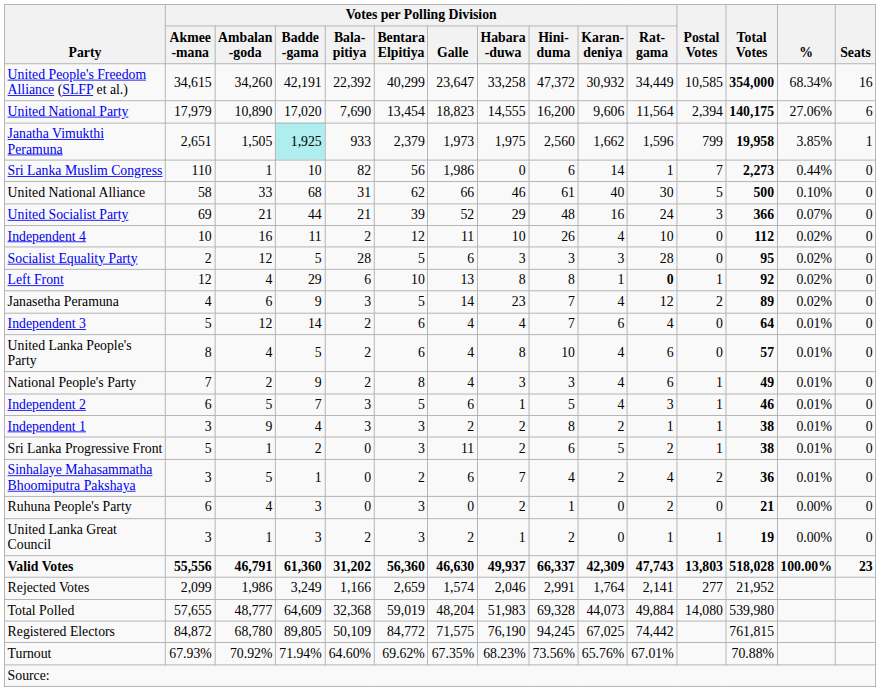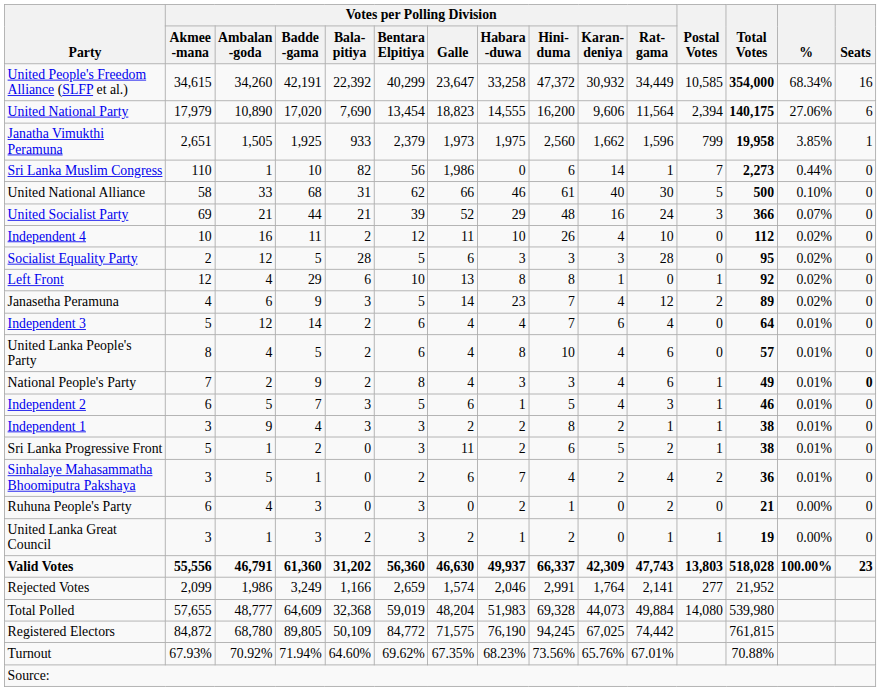 <table class="wikitable" border="1" style="text-align:right;">
 <tr>
 <th rowspan="2" align="left" valign="bottom" width="180">Party</th>
 <th colspan="10">Votes per Polling Division</th>
 <th rowspan="2" align="center" valign="bottom" width="50">Postal<br>Votes</th>
 <th rowspan="2" align="center" valign="bottom" width="50">Total Votes</th>
 <th rowspan="2" align="center" valign="bottom" width="50">%</th>
 <th rowspan="2" align="center" valign="bottom" width="40">Seats</th>
 </tr>
 <tr>
 <th align="center" valign="bottom" width="50">Akmee<br>-mana</th>
 <th align="center" valign="bottom" width="50">Ambalan<br>-goda</th>
 <th align="center" valign="bottom" width="50">Badde<br>-gama</th>
 <th align="center" valign="bottom" width="50">Bala-<br>pitiya</th>
 <th align="center" valign="bottom" width="50">Bentara<br>Elpitiya</th>
 <th align="center" valign="bottom" width="50">Galle</th>
 <th align="center" valign="bottom" width="50">Habara<br>-duwa</th>
 <th align="center" valign="bottom" width="50">Hini-<br>duma</th>
 <th align="center" valign="bottom" width="50">Karan-<br>deniya</th>
 <th align="center" valign="bottom" width="50">Rat-<br>gama</th>
 </tr>
 <tr>
 <td align="left"><a href='#'>United People's Freedom Alliance</a> (<a href='#'>SLFP</a> et al.)</td>
 <td>34,615</td>
 <td>34,260</td>
 <td>42,191</td>
 <td>22,392</td>
 <td>40,299</td>
 <td>23,647</td>
 <td>33,258</td>
 <td>47,372</td>
 <td>30,932</td>
 <td>34,449</td>
 <td>10,585</td>
 <td><strong>354,000</strong></td>
 <td>68.34%</td>
 <td>16</td>
 </tr>
 <tr>
 <td align="left"><a href='#'>United National Party</a></td>
 <td>17,979</td>
 <td>10,890</td>
 <td>17,020</td>
 <td>7,690</td>
 <td>13,454</td>
 <td>18,823</td>
 <td>14,555</td>
 <td>16,200</td>
 <td>9,606</td>
 <td>11,564</td>
 <td>2,394</td>
 <td><strong>140,175</strong></td>
 <td>27.06%</td>
 <td>6</td>
 </tr>
 <tr>
 <td align="left"><a href='#'>Janatha Vimukthi Peramuna</a></td>
 <td>2,651</td>
 <td>1,505</td>
-<td style="background: paleturquoise;">1,925</td>
+<td>1,925</td>
 <td>933</td>
 <td>2,379</td>
 <td>1,973</td>
 <td>1,975</td>
 <td>2,560</td>
 <td>1,662</td>
 <td>1,596</td>
 <td>799</td>
 <td><strong>19,958</strong></td>
 <td>3.85%</td>
 <td>1</td>
 </tr>
 <tr>
 <td align="left"><a href='#'>Sri Lanka Muslim Congress</a></td>
 <td>110</td>
 <td>1</td>
 <td>10</td>
 <td>82</td>
 <td>56</td>
 <td>1,986</td>
 <td>0</td>
 <td>6</td>
 <td>14</td>
 <td>1</td>
 <td>7</td>
 <td><strong>2,273</strong></td>
 <td>0.44%</td>
 <td>0</td>
 </tr>
 <tr>
 <td align="left">United National Alliance</td>
 <td>58</td>
 <td>33</td>
 <td>68</td>
 <td>31</td>
 <td>62</td>
 <td>66</td>
 <td>46</td>
 <td>61</td>
 <td>40</td>
 <td>30</td>
 <td>5</td>
 <td><strong>500</strong></td>
 <td>0.10%</td>
 <td>0</td>
 </tr>
 <tr>
 <td align="left"><a href='#'>United Socialist Party</a></td>
 <td>69</td>
 <td>21</td>
 <td>44</td>
 <td>21</td>
 <td>39</td>
 <td>52</td>
 <td>29</td>
 <td>48</td>
 <td>16</td>
 <td>24</td>
 <td>3</td>
 <td><strong>366</strong></td>
 <td>0.07%</td>
 <td>0</td>
 </tr>
 <tr>
 <td align="left"><a href='#'>Independent 4</a></td>
 <td>10</td>
 <td>16</td>
 <td>11</td>
 <td>2</td>
 <td>12</td>
 <td>11</td>
 <td>10</td>
 <td>26</td>
 <td>4</td>
 <td>10</td>
 <td>0</td>
 <td><strong>112</strong></td>
 <td>0.02%</td>
 <td>0</td>
 </tr>
 <tr>
 <td align="left"><a href='#'>Socialist Equality Party</a></td>
 <td>2</td>
 <td>12</td>
 <td>5</td>
 <td>28</td>
 <td>5</td>
 <td>6</td>
 <td>3</td>
 <td>3</td>
 <td>3</td>
 <td>28</td>
 <td>0</td>
 <td><strong>95</strong></td>
 <td>0.02%</td>
 <td>0</td>
 </tr>
 <tr>
 <td align="left"><a href='#'>Left Front</a></td>
 <td>12</td>
 <td>4</td>
 <td>29</td>
 <td>6</td>
 <td>10</td>
 <td>13</td>
 <td>8</td>
 <td>8</td>
 <td>1</td>
-<td><strong>0</strong></td>
+<td>0</td>
 <td>1</td>
 <td><strong>92</strong></td>
 <td>0.02%</td>
 <td>0</td>
 </tr>
 <tr>
 <td align="left">Janasetha Peramuna</td>
 <td>4</td>
 <td>6</td>
 <td>9</td>
 <td>3</td>
 <td>5</td>
 <td>14</td>
 <td>23</td>
 <td>7</td>
 <td>4</td>
 <td>12</td>
 <td>2</td>
 <td><strong>89</strong></td>
 <td>0.02%</td>
 <td>0</td>
 </tr>
 <tr>
 <td align="left"><a href='#'>Independent 3</a></td>
 <td>5</td>
 <td>12</td>
 <td>14</td>
 <td>2</td>
 <td>6</td>
 <td>4</td>
 <td>4</td>
 <td>7</td>
 <td>6</td>
 <td>4</td>
 <td>0</td>
 <td><strong>64</strong></td>
 <td>0.01%</td>
 <td>0</td>
 </tr>
 <tr>
 <td align="left">United Lanka People's Party</td>
 <td>8</td>
 <td>4</td>
 <td>5</td>
 <td>2</td>
 <td>6</td>
 <td>4</td>
 <td>8</td>
 <td>10</td>
 <td>4</td>
 <td>6</td>
 <td>0</td>
 <td><strong>57</strong></td>
 <td>0.01%</td>
 <td>0</td>
 </tr>
 <tr>
 <td align="left">National People's Party</td>
 <td>7</td>
 <td>2</td>
 <td>9</td>
 <td>2</td>
 <td>8</td>
 <td>4</td>
 <td>3</td>
 <td>3</td>
 <td>4</td>
 <td>6</td>
 <td>1</td>
 <td><strong>49</strong></td>
 <td>0.01%</td>
-<td>0</td>
+<td><strong>0</strong></td>
 </tr>
 <tr>
 <td align="left"><a href='#'>Independent 2</a></td>
 <td>6</td>
 <td>5</td>
 <td>7</td>
 <td>3</td>
 <td>5</td>
 <td>6</td>
 <td>1</td>
 <td>5</td>
 <td>4</td>
 <td>3</td>
 <td>1</td>
 <td><strong>46</strong></td>
 <td>0.01%</td>
 <td>0</td>
 </tr>
 <tr>
 <td align="left"><a href='#'>Independent 1</a></td>
 <td>3</td>
 <td>9</td>
 <td>4</td>
 <td>3</td>
 <td>3</td>
 <td>2</td>
 <td>2</td>
 <td>8</td>
 <td>2</td>
 <td>1</td>
 <td>1</td>
 <td><strong>38</strong></td>
 <td>0.01%</td>
 <td>0</td>
 </tr>
 <tr>
 <td align="left">Sri Lanka Progressive Front</td>
 <td>5</td>
 <td>1</td>
 <td>2</td>
 <td>0</td>
 <td>3</td>
 <td>11</td>
 <td>2</td>
 <td>6</td>
 <td>5</td>
 <td>2</td>
 <td>1</td>
 <td><strong>38</strong></td>
 <td>0.01%</td>
 <td>0</td>
 </tr>
 <tr>
 <td align="left"><a href='#'>Sinhalaye Mahasammatha Bhoomiputra Pakshaya</a></td>
 <td>3</td>
 <td>5</td>
 <td>1</td>
 <td>0</td>
 <td>2</td>
 <td>6</td>
 <td>7</td>
 <td>4</td>
 <td>2</td>
 <td>4</td>
 <td>2</td>
 <td><strong>36</strong></td>
 <td>0.01%</td>
 <td>0</td>
 </tr>
 <tr>
 <td align="left">Ruhuna People's Party</td>
 <td>6</td>
 <td>4</td>
 <td>3</td>
 <td>0</td>
 <td>3</td>
 <td>0</td>
 <td>2</td>
 <td>1</td>
 <td>0</td>
 <td>2</td>
 <td>0</td>
 <td><strong>21</strong></td>
 <td>0.00%</td>
 <td>0</td>
 </tr>
 <tr>
 <td align="left">United Lanka Great Council</td>
 <td>3</td>
 <td>1</td>
 <td>3</td>
 <td>2</td>
 <td>3</td>
 <td>2</td>
 <td>1</td>
 <td>2</td>
 <td>0</td>
 <td>1</td>
 <td>1</td>
 <td><strong>19</strong></td>
 <td>0.00%</td>
 <td>0</td>
 </tr>
 <tr>
 <td align="left"><strong>Valid Votes</strong></td>
 <td><strong>55,556</strong></td>
 <td><strong>46,791</strong></td>
 <td><strong>61,360</strong></td>
 <td><strong>31,202</strong></td>
 <td><strong>56,360</strong></td>
 <td><strong>46,630</strong></td>
 <td><strong>49,937</strong></td>
 <td><strong>66,337</strong></td>
 <td><strong>42,309</strong></td>
 <td><strong>47,743</strong></td>
 <td><strong>13,803</strong></td>
 <td><strong>518,028</strong></td>
 <td><strong>100.00%</strong></td>
 <td><strong>23</strong></td>
 </tr>
 <tr>
 <td align="left">Rejected Votes</td>
 <td>2,099</td>
 <td>1,986</td>
 <td>3,249</td>
 <td>1,166</td>
 <td>2,659</td>
 <td>1,574</td>
 <td>2,046</td>
 <td>2,991</td>
 <td>1,764</td>
 <td>2,141</td>
 <td>277</td>
 <td>21,952</td>
 <td></td>
 <td></td>
 </tr>
 <tr>
 <td align="left">Total Polled</td>
 <td>57,655</td>
 <td>48,777</td>
 <td>64,609</td>
 <td>32,368</td>
 <td>59,019</td>
 <td>48,204</td>
 <td>51,983</td>
 <td>69,328</td>
 <td>44,073</td>
 <td>49,884</td>
 <td>14,080</td>
 <td>539,980</td>
 <td></td>
 <td></td>
 </tr>
 <tr>
 <td align="left">Registered Electors</td>
 <td>84,872</td>
 <td>68,780</td>
 <td>89,805</td>
 <td>50,109</td>
 <td>84,772</td>
 <td>71,575</td>
 <td>76,190</td>
 <td>94,245</td>
 <td>67,025</td>
 <td>74,442</td>
 <td></td>
 <td>761,815</td>
 <td></td>
 <td></td>
 </tr>
 <tr>
 <td align="left">Turnout</td>
 <td>67.93%</td>
 <td>70.92%</td>
 <td>71.94%</td>
 <td>64.60%</td>
 <td>69.62%</td>
 <td>67.35%</td>
 <td>68.23%</td>
 <td>73.56%</td>
 <td>65.76%</td>
 <td>67.01%</td>
 <td></td>
 <td>70.88%</td>
 <td></td>
 <td></td>
 </tr>
 <tr>
 <td colspan="16" align="left">Source:</td>
 </tr>
 </table>
